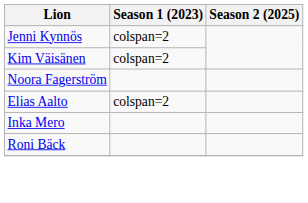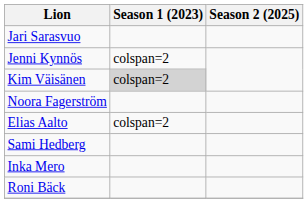 <table class="wikitable">
 <tr>
 <th>Lion</th>
 <th>Season 1 (2023)</th>
 <th>Season 2 (2025)</th>
 </tr>
 <tr>
+<td><a href='#'>Jari Sarasvuo</a></td>
+<td></td>
+<td></td>
+</tr>
+<tr>
 <td><a href='#'>Jenni Kynnös</a></td>
 <td>colspan=2 </td>
 </tr>
 <tr>
 <td><a href='#'>Kim Väisänen</a></td>
-<td>colspan=2 </td>
+<td style="background: lightgrey;">colspan=2 </td>
 </tr>
 <tr>
 <td><a href='#'>Noora Fagerström</a></td>
 <td></td>
 <td></td>
 </tr>
 <tr>
 <td><a href='#'>Elias Aalto</a></td>
 <td>colspan=2 </td>
+</tr>
+<tr>
+<td><a href='#'>Sami Hedberg</a></td>
+<td></td>
+<td></td>
 </tr>
 <tr>
 <td><a href='#'>Inka Mero</a></td>
 <td></td>
 <td></td>
 </tr>
 <tr>
 <td><a href='#'>Roni Bäck</a></td>
 <td></td>
 <td></td>
 </tr>
 <tr>
 </tr>
 </table>
